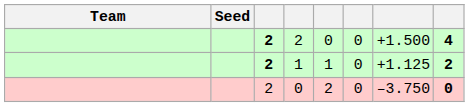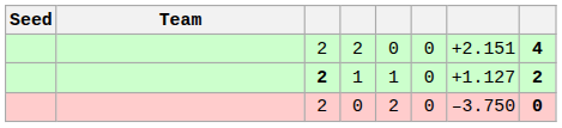 <table class="wikitable" style="text-align:center">
 <tr>
+<th width=25>Seed</th>
 <th width=175>Team</th>
-<th width=25>Seed</th>
 <th width=20></th>
 <th width=20></th>
 <th width=20></th>
 <th width=20></th>
 <th width=20></th>
 <th width=20></th>
 </tr>
 <tr bgcolor="#ccffcc">
+<td></td>
 <td align="left"></td>
-<td></td>
-<td><strong>2</strong></td>
+<td>2</td>
 <td>2</td>
 <td>0</td>
 <td>0</td>
-<td>+1.500</td>
+<td>+2.151</td>
 <td><strong>4</strong></td>
 </tr>
 <tr bgcolor="#ccffcc">
+<td></td>
 <td align="left"></td>
-<td></td>
 <td><strong>2</strong></td>
 <td>1</td>
 <td>1</td>
 <td>0</td>
-<td>+1.125</td>
+<td>+1.127</td>
 <td><strong>2</strong></td>
 </tr>
 <tr bgcolor="#ffcccc">
+<td></td>
 <td align="left"></td>
-<td></td>
 <td>2</td>
 <td>0</td>
 <td>2</td>
 <td>0</td>
 <td>–3.750</td>
 <td><strong>0</strong></td>
 </tr>
 </table>
